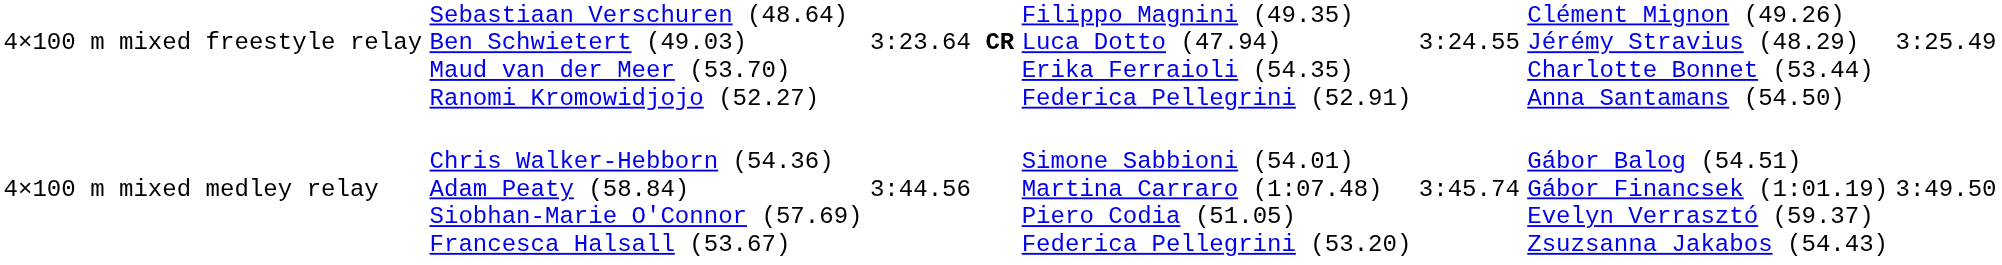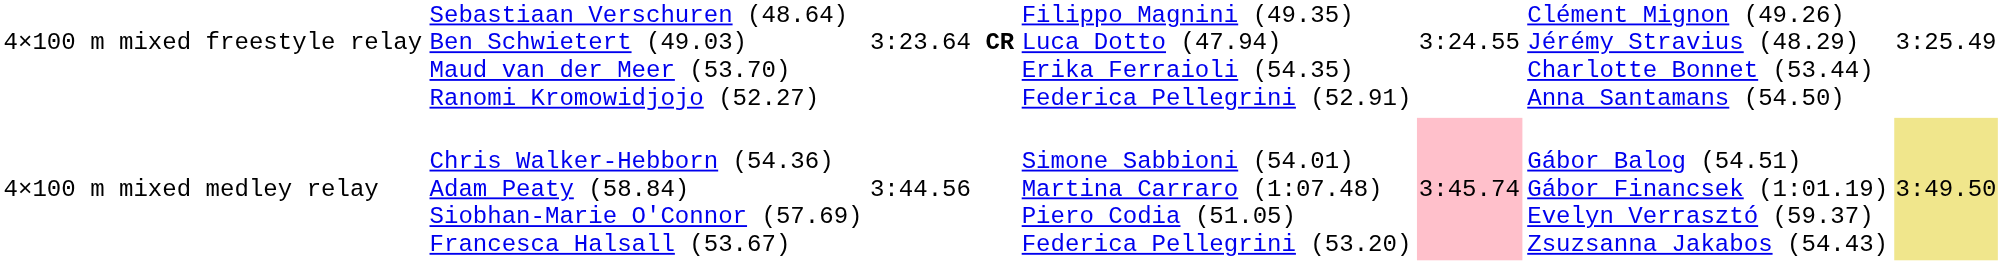 <table>
 <tr>
 <td>4×100 m mixed freestyle relay<br></td>
 <td valign=top><br><a href='#'>Sebastiaan Verschuren</a> (48.64)<br><a href='#'>Ben Schwietert</a> (49.03)<br><a href='#'>Maud van der Meer</a> (53.70)<br><a href='#'>Ranomi Kromowidjojo</a> (52.27)</td>
 <td>3:23.64 <strong>CR</strong></td>
 <td valign=top><br><a href='#'>Filippo Magnini</a> (49.35)<br><a href='#'>Luca Dotto</a> (47.94)<br><a href='#'>Erika Ferraioli</a> (54.35)<br><a href='#'>Federica Pellegrini</a> (52.91)</td>
 <td>3:24.55</td>
 <td valign=top><br><a href='#'>Clément Mignon</a> (49.26)<br><a href='#'>Jérémy Stravius</a> (48.29)<br><a href='#'>Charlotte Bonnet</a> (53.44)<br><a href='#'>Anna Santamans</a> (54.50)</td>
 <td>3:25.49</td>
 </tr>
 <tr>
 <td>4×100 m mixed medley relay<br></td>
 <td valign=top><br><a href='#'>Chris Walker-Hebborn</a> (54.36)<br><a href='#'>Adam Peaty</a> (58.84)<br><a href='#'>Siobhan-Marie O'Connor</a> (57.69)<br><a href='#'>Francesca Halsall</a> (53.67)</td>
 <td>3:44.56</td>
 <td valign=top><br><a href='#'>Simone Sabbioni</a> (54.01)<br><a href='#'>Martina Carraro</a> (1:07.48)<br><a href='#'>Piero Codia</a> (51.05)<br><a href='#'>Federica Pellegrini</a> (53.20)</td>
-<td>3:45.74</td>
+<td style="background: pink;">3:45.74</td>
 <td valign=top><br><a href='#'>Gábor Balog</a> (54.51)<br><a href='#'>Gábor Financsek</a> (1:01.19)<br><a href='#'>Evelyn Verrasztó</a> (59.37)<br><a href='#'>Zsuzsanna Jakabos</a> (54.43)</td>
-<td>3:49.50</td>
+<td style="background: khaki;">3:49.50</td>
 </tr>
 </table>
